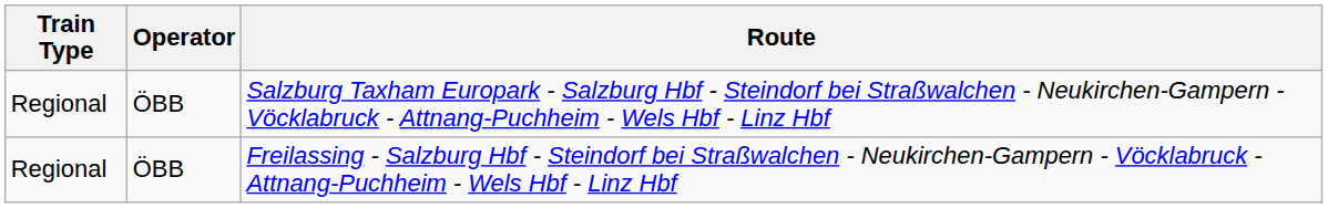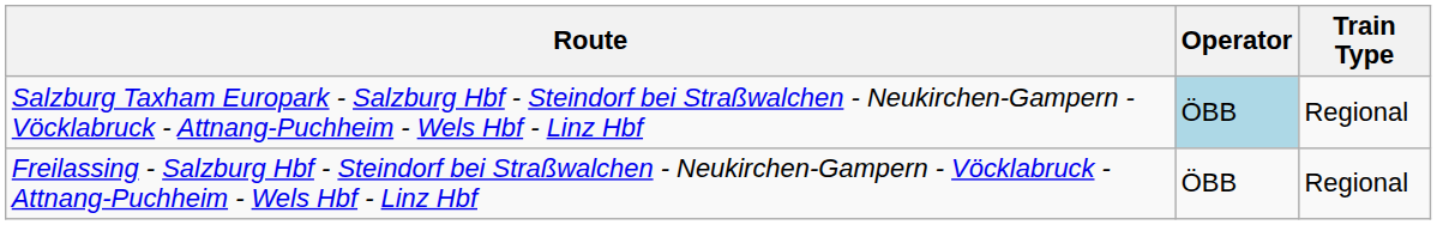 <table class="wikitable vatop">
 <tr>
+<th>Route</th>
+<th>Operator</th>
 <th>Train Type</th>
-<th>Operator</th>
-<th>Route</th>
 </tr>
 <tr>
+<td><em><a href='#'>Salzburg Taxham Europark</a> - <a href='#'>Salzburg Hbf</a> - <a href='#'>Steindorf bei Straßwalchen</a> - Neukirchen-Gampern - <a href='#'>Vöcklabruck</a> - <a href='#'>Attnang-Puchheim</a> - <a href='#'>Wels Hbf</a> - <a href='#'>Linz Hbf</a></em></td>
+<td style="background: lightblue;">ÖBB</td>
 <td>Regional</td>
-<td>ÖBB</td>
-<td><em><a href='#'>Salzburg Taxham Europark</a> - <a href='#'>Salzburg Hbf</a> - <a href='#'>Steindorf bei Straßwalchen</a> - Neukirchen-Gampern - <a href='#'>Vöcklabruck</a> - <a href='#'>Attnang-Puchheim</a> - <a href='#'>Wels Hbf</a> - <a href='#'>Linz Hbf</a></em></td>
 </tr>
 <tr>
+<td><em><a href='#'>Freilassing</a> - <a href='#'>Salzburg Hbf</a> - <a href='#'>Steindorf bei Straßwalchen</a> - Neukirchen-Gampern - <a href='#'>Vöcklabruck</a> - <a href='#'>Attnang-Puchheim</a> - <a href='#'>Wels Hbf</a> - <a href='#'>Linz Hbf</a></em></td>
+<td>ÖBB</td>
 <td>Regional</td>
-<td>ÖBB</td>
-<td><em><a href='#'>Freilassing</a> - <a href='#'>Salzburg Hbf</a> - <a href='#'>Steindorf bei Straßwalchen</a> - Neukirchen-Gampern - <a href='#'>Vöcklabruck</a> - <a href='#'>Attnang-Puchheim</a> - <a href='#'>Wels Hbf</a> - <a href='#'>Linz Hbf</a></em></td>
 </tr>
 </table>
